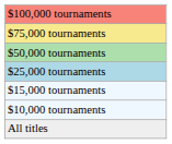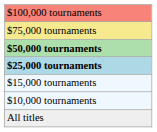 <table class="wikitable" style="font-size:85%; width:15%;">
 <tr style="background:#f88379;">
 <td>$100,000 tournaments</td>
 </tr>
 <tr style="background:#f7e98e;">
 <td>$75,000 tournaments</td>
 </tr>
 <tr style="background:#addfad;">
-<td>$50,000 tournaments</td>
+<td><strong>$50,000 tournaments</strong></td>
 </tr>
 <tr style="background:lightblue;">
-<td>$25,000 tournaments</td>
+<td><strong>$25,000 tournaments</strong></td>
 </tr>
 <tr style="background:#f0f8ff;">
 <td>$15,000 tournaments</td>
 </tr>
 <tr style="background:#f0f8ff;">
 <td>$10,000 tournaments</td>
 </tr>
 <tr style="background:#efefef;">
 <td>All titles</td>
 </tr>
 </table>
